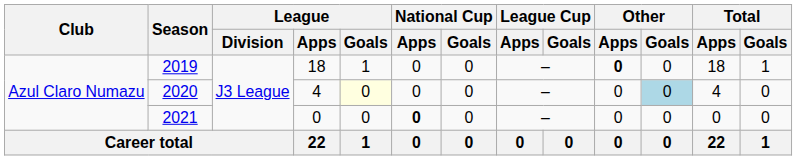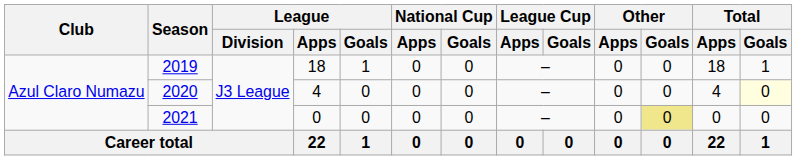 <table class="wikitable" style="text-align: center">
 <tr>
 <th rowspan="2">Club</th>
 <th rowspan="2">Season</th>
 <th colspan="3">League</th>
 <th colspan="2">National Cup</th>
 <th colspan="2">League Cup</th>
 <th colspan="2">Other</th>
 <th colspan="2">Total</th>
 </tr>
 <tr>
 <th>Division</th>
 <th>Apps</th>
 <th>Goals</th>
 <th>Apps</th>
 <th>Goals</th>
 <th>Apps</th>
 <th>Goals</th>
 <th>Apps</th>
 <th>Goals</th>
 <th>Apps</th>
 <th>Goals</th>
 </tr>
 <tr>
 <td rowspan="3"><a href='#'>Azul Claro Numazu</a></td>
 <td><a href='#'>2019</a></td>
 <td rowspan="3"><a href='#'>J3 League</a></td>
 <td>18</td>
 <td>1</td>
 <td>0</td>
 <td>0</td>
 <td colspan="2">–</td>
-<td><strong>0</strong></td>
+<td>0</td>
 <td>0</td>
 <td>18</td>
 <td>1</td>
 </tr>
 <tr>
 <td><a href='#'>2020</a></td>
 <td>4</td>
-<td style="background: lightyellow;">0</td>
+<td>0</td>
 <td>0</td>
 <td>0</td>
 <td colspan="2">–</td>
 <td>0</td>
-<td style="background: lightblue;">0</td>
+<td>0</td>
 <td>4</td>
-<td>0</td>
+<td style="background: lightyellow;">0</td>
 </tr>
 <tr>
 <td><a href='#'>2021</a></td>
 <td>0</td>
 <td>0</td>
-<td><strong>0</strong></td>
+<td>0</td>
 <td>0</td>
 <td colspan="2">–</td>
 <td>0</td>
-<td>0</td>
+<td style="background: khaki;">0</td>
 <td>0</td>
 <td>0</td>
 </tr>
 <tr>
 <th colspan=3>Career total</th>
 <th>22</th>
 <th>1</th>
 <th>0</th>
 <th>0</th>
 <th>0</th>
 <th>0</th>
 <th>0</th>
 <th>0</th>
 <th>22</th>
 <th>1</th>
 </tr>
 </table>
